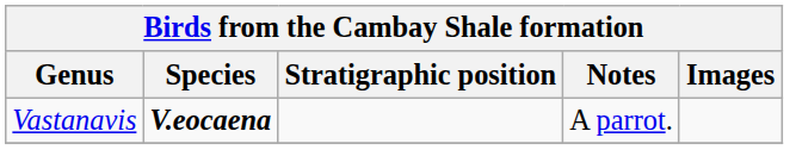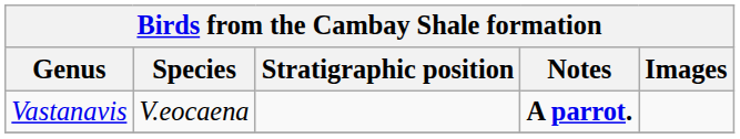 <table class="wikitable" align="center">
 <tr>
 <th colspan="7" align="center"><strong><a href='#'>Birds</a> from the Cambay Shale formation</strong></th>
 </tr>
 <tr>
 <th>Genus</th>
 <th>Species</th>
 <th>Stratigraphic position</th>
 <th>Notes</th>
 <th>Images</th>
 </tr>
 <tr>
 <td><em><a href='#'>Vastanavis</a></em></td>
-<td><strong><em>V.eocaena</em></strong></td>
+<td><em>V.eocaena</em></td>
 <td></td>
-<td>A <a href='#'>parrot</a>.</td>
+<td><strong>A <a href='#'>parrot</a>.</strong></td>
 <td></td>
 </tr>
 <tr>
 </tr>
 </table>
